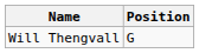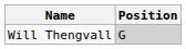 <table class="wikitable">
 <tr>
 <th>Name</th>
 <th>Position</th>
 </tr>
 <tr>
 <td>Will Thengvall</td>
-<td>G</td>
+<td style="background: lightgrey;">G</td>
 </tr>
 </table>
